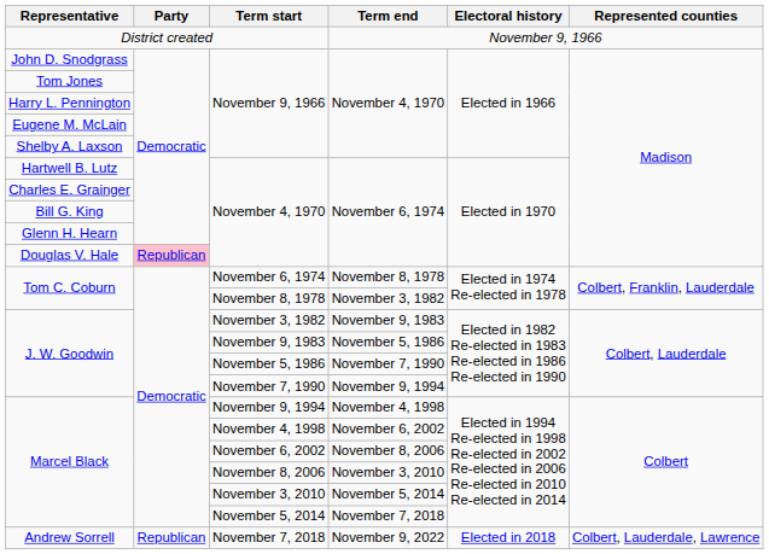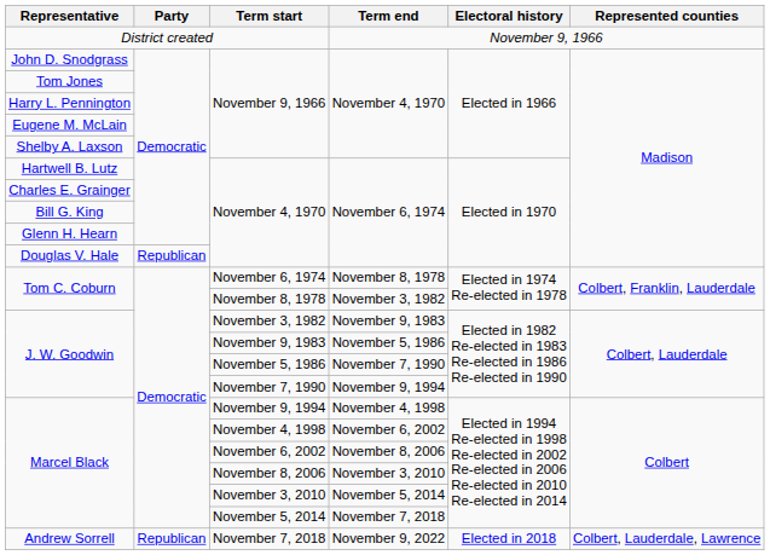 <table class="wikitable" style="text-align:center">
 <tr>
 <th>Representative</th>
 <th>Party</th>
 <th>Term start</th>
 <th>Term end</th>
 <th>Electoral history</th>
 <th>Represented counties</th>
 </tr>
 <tr>
 <td colspan=3><em>District created</em></td>
 <td colspan=3><em>November 9, 1966</em></td>
 </tr>
 <tr>
 <td><a href='#'>John D. Snodgrass</a> </td>
 <td rowspan=9><a href='#'>Democratic</a></td>
 <td rowspan=5>November 9, 1966</td>
 <td rowspan=5>November 4, 1970</td>
 <td rowspan=5>Elected in 1966</td>
 <td rowspan=10><a href='#'>Madison</a></td>
 </tr>
 <tr>
 <td><a href='#'>Tom Jones</a></td>
 </tr>
 <tr>
 <td><a href='#'>Harry L. Pennington</a> </td>
 </tr>
 <tr>
 <td><a href='#'>Eugene M. McLain</a></td>
 </tr>
 <tr>
 <td><a href='#'>Shelby A. Laxson</a></td>
 </tr>
 <tr>
 <td><a href='#'>Hartwell B. Lutz</a></td>
 <td rowspan=5>November 4, 1970</td>
 <td rowspan=5>November 6, 1974</td>
 <td rowspan=5>Elected in 1970</td>
 </tr>
 <tr>
 <td><a href='#'>Charles E. Grainger</a></td>
 </tr>
 <tr>
 <td><a href='#'>Bill G. King</a></td>
 </tr>
 <tr>
 <td><a href='#'>Glenn H. Hearn</a></td>
 </tr>
 <tr>
 <td><a href='#'>Douglas V. Hale</a></td>
-<td style="background: pink;"><a href='#'>Republican</a></td>
+<td><a href='#'>Republican</a></td>
 </tr>
 <tr>
 <td rowspan=2><a href='#'>Tom C. Coburn</a></td>
 <td rowspan=12><a href='#'>Democratic</a></td>
 <td>November 6, 1974</td>
 <td>November 8, 1978</td>
 <td rowspan=2>Elected in 1974<br>Re-elected in 1978</td>
 <td rowspan=2><a href='#'>Colbert</a>, <a href='#'>Franklin</a>, <a href='#'>Lauderdale</a></td>
 </tr>
 <tr>
 <td>November 8, 1978</td>
 <td>November 3, 1982</td>
 </tr>
 <tr>
 <td rowspan=4><a href='#'>J. W. Goodwin</a></td>
 <td>November 3, 1982</td>
 <td>November 9, 1983</td>
 <td rowspan=4>Elected in 1982<br>Re-elected in 1983<br>Re-elected in 1986<br>Re-elected in 1990</td>
 <td rowspan=4><a href='#'>Colbert</a>, <a href='#'>Lauderdale</a></td>
 </tr>
 <tr>
 <td>November 9, 1983</td>
 <td>November 5, 1986</td>
 </tr>
 <tr>
 <td>November 5, 1986</td>
 <td>November 7, 1990</td>
 </tr>
 <tr>
 <td>November 7, 1990</td>
 <td>November 9, 1994</td>
 </tr>
 <tr>
 <td rowspan=6><a href='#'>Marcel Black</a></td>
 <td>November 9, 1994</td>
 <td>November 4, 1998</td>
 <td rowspan=6>Elected in 1994<br>Re-elected in 1998<br>Re-elected in 2002<br>Re-elected in 2006<br>Re-elected in 2010<br>Re-elected in 2014</td>
 <td rowspan="6"><a href='#'>Colbert</a></td>
 </tr>
 <tr>
 <td>November 4, 1998</td>
 <td>November 6, 2002</td>
 </tr>
 <tr>
 <td>November 6, 2002</td>
 <td>November 8, 2006</td>
 </tr>
 <tr>
 <td>November 8, 2006</td>
 <td>November 3, 2010</td>
 </tr>
 <tr>
 <td>November 3, 2010</td>
 <td>November 5, 2014</td>
 </tr>
 <tr>
 <td>November 5, 2014</td>
 <td>November 7, 2018</td>
 </tr>
 <tr>
 <td><a href='#'>Andrew Sorrell</a></td>
 <td><a href='#'>Republican</a></td>
 <td>November 7, 2018</td>
 <td>November 9, 2022</td>
 <td><a href='#'>Elected in 2018</a></td>
 <td><a href='#'>Colbert</a>, <a href='#'>Lauderdale</a>, <a href='#'>Lawrence</a></td>
 </tr>
 </table>
